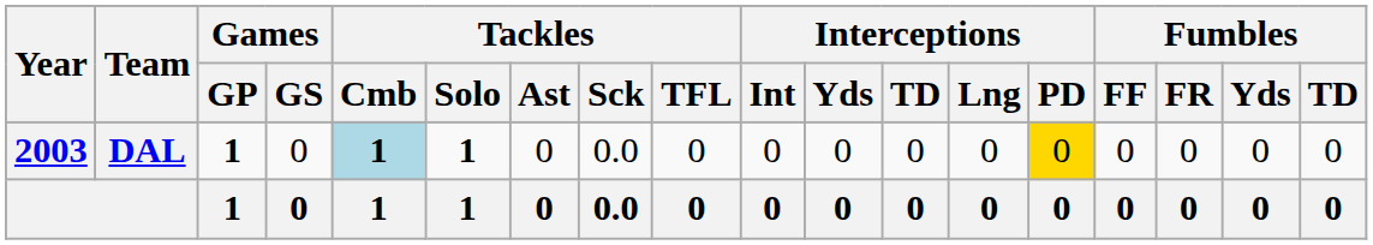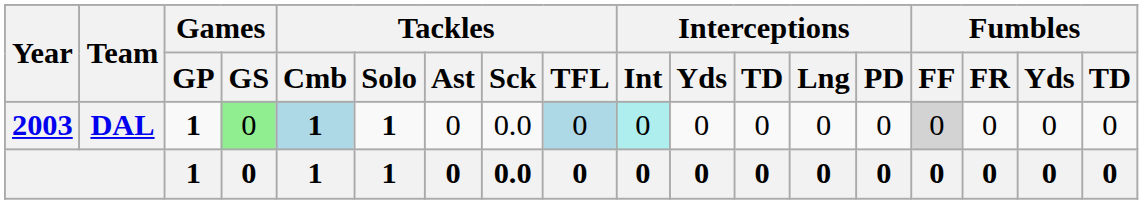 <table class="wikitable" style="text-align:center">
 <tr>
 <th rowspan="2">Year</th>
 <th rowspan="2">Team</th>
 <th colspan="2">Games</th>
 <th colspan="5">Tackles</th>
 <th colspan="5">Interceptions</th>
 <th colspan="4">Fumbles</th>
 </tr>
 <tr>
 <th>GP</th>
 <th>GS</th>
 <th>Cmb</th>
 <th>Solo</th>
 <th>Ast</th>
 <th>Sck</th>
 <th>TFL</th>
 <th>Int</th>
 <th>Yds</th>
 <th>TD</th>
 <th>Lng</th>
 <th>PD</th>
 <th>FF</th>
 <th>FR</th>
 <th>Yds</th>
 <th>TD</th>
 </tr>
 <tr>
 <th><a href='#'>2003</a></th>
 <th><a href='#'>DAL</a></th>
 <td><strong>1</strong></td>
-<td>0</td>
+<td style="background: lightgreen;">0</td>
 <td style="background: lightblue;"><strong>1</strong></td>
 <td><strong>1</strong></td>
 <td>0</td>
 <td>0.0</td>
+<td style="background: lightblue;">0</td>
+<td style="background: paleturquoise;">0</td>
 <td>0</td>
 <td>0</td>
 <td>0</td>
 <td>0</td>
-<td>0</td>
-<td style="background: gold;">0</td>
-<td>0</td>
+<td style="background: lightgrey;">0</td>
 <td>0</td>
 <td>0</td>
 <td>0</td>
 </tr>
 <tr>
 <th colspan="2"></th>
 <th>1</th>
 <th>0</th>
 <th>1</th>
 <th>1</th>
 <th>0</th>
 <th>0.0</th>
 <th>0</th>
 <th>0</th>
 <th>0</th>
 <th>0</th>
 <th>0</th>
 <th>0</th>
 <th>0</th>
 <th>0</th>
 <th>0</th>
 <th>0</th>
 </tr>
 </table>
